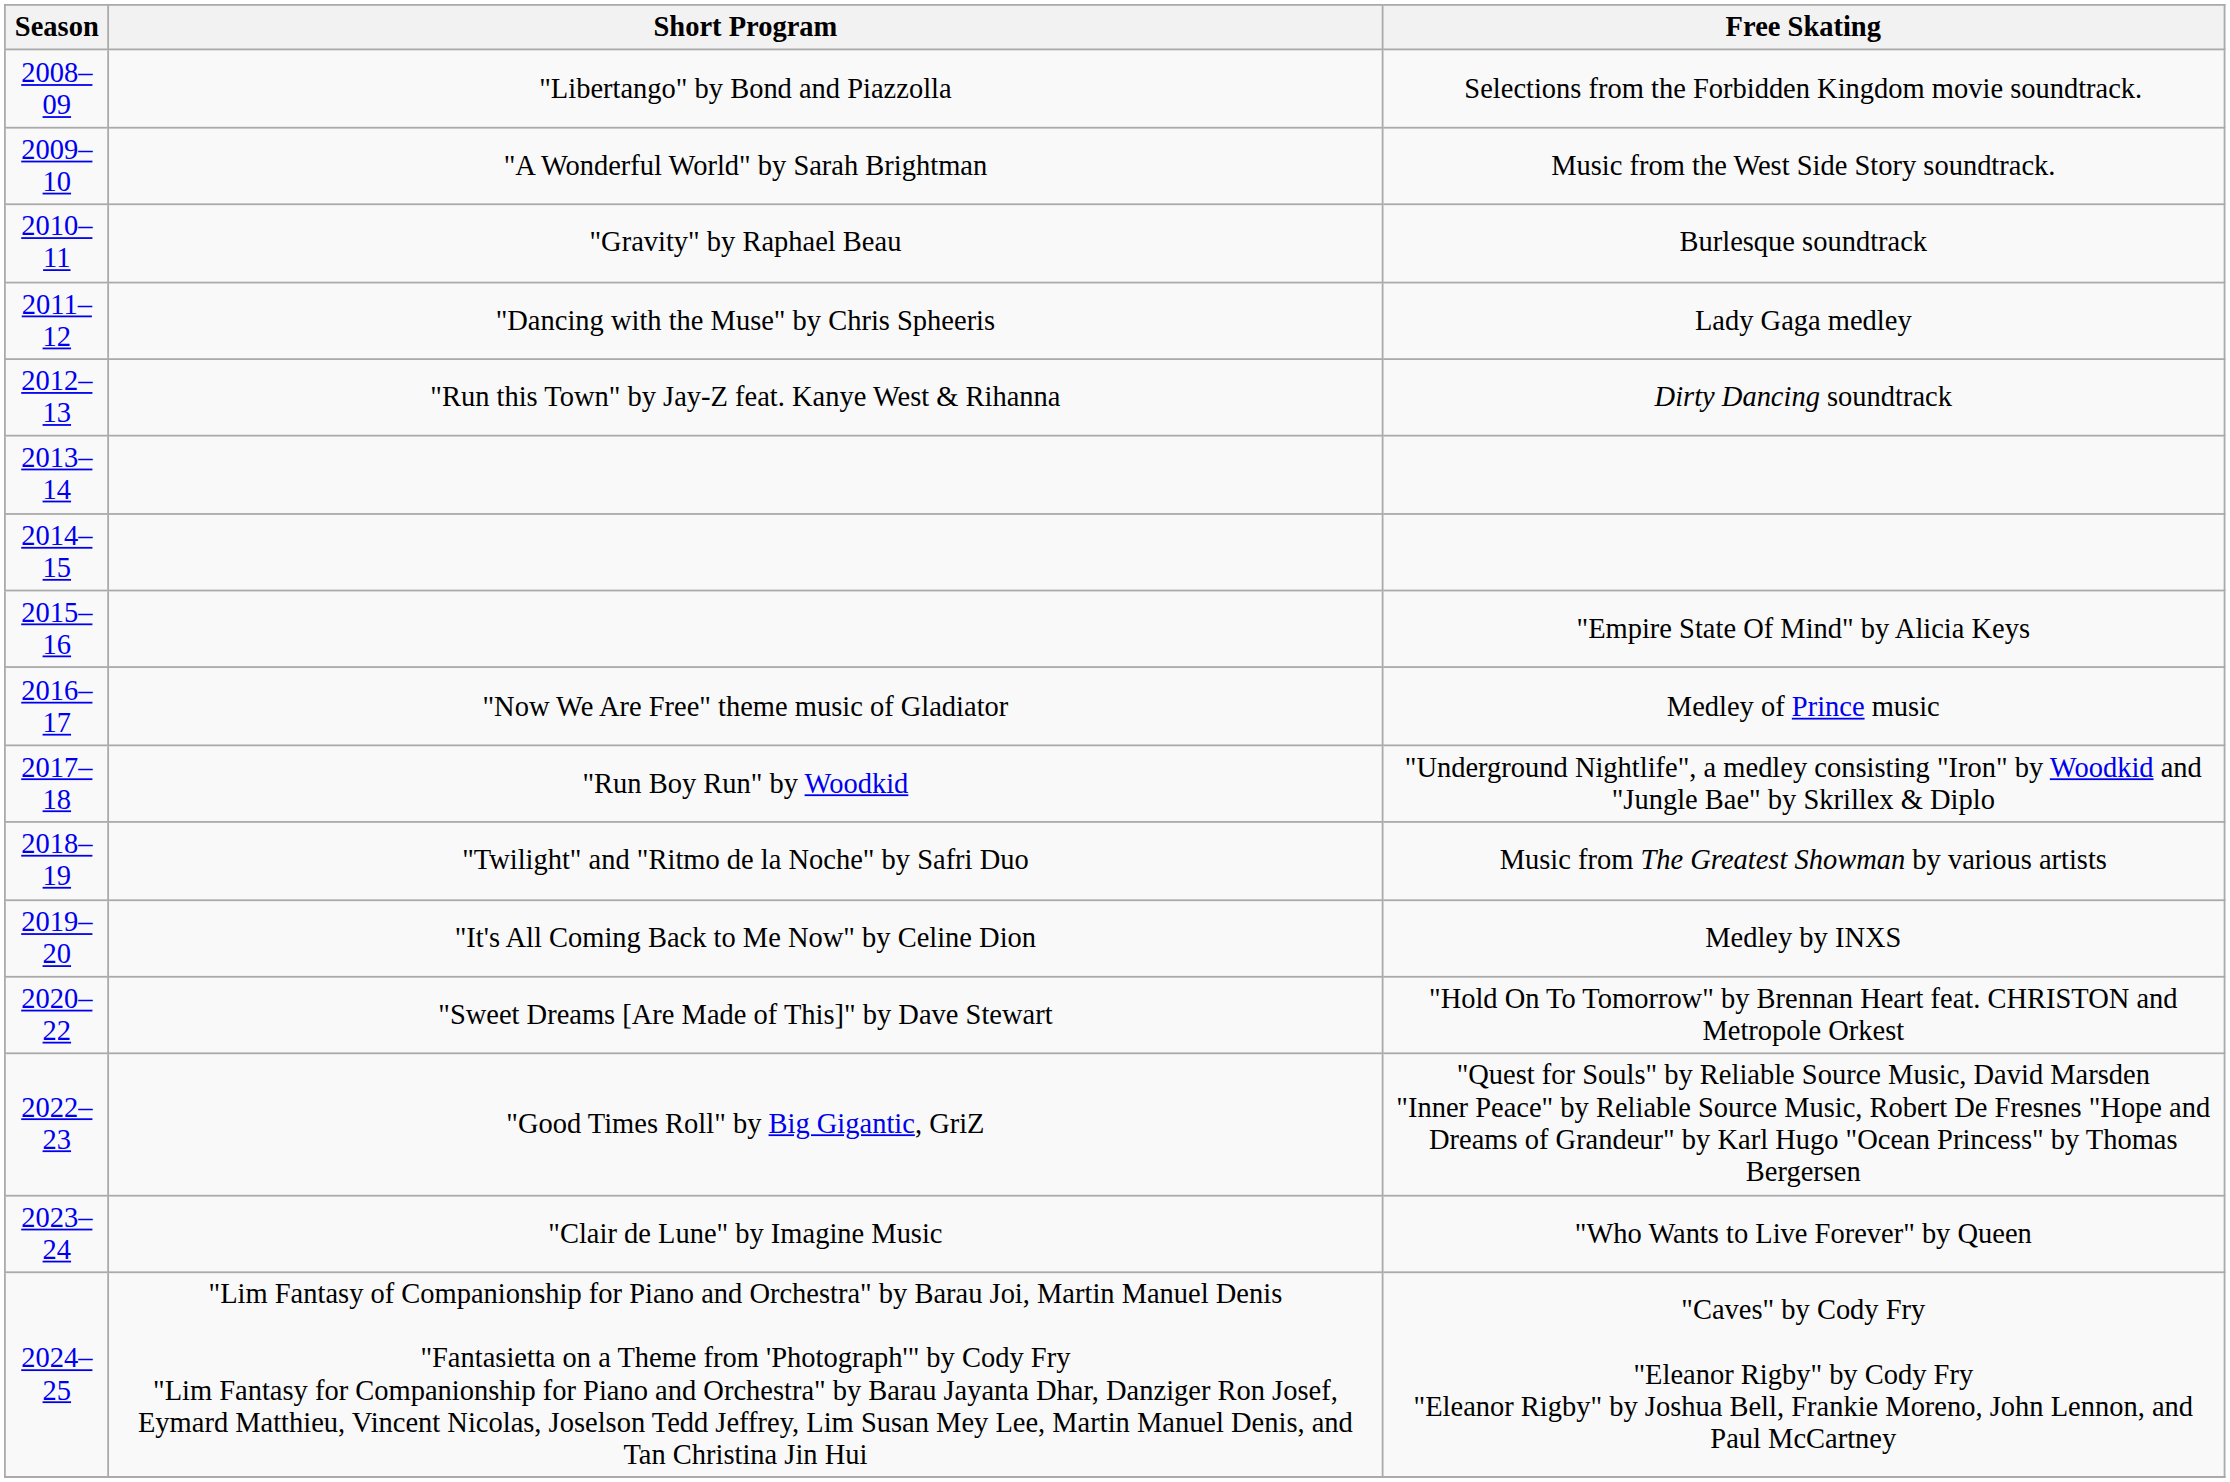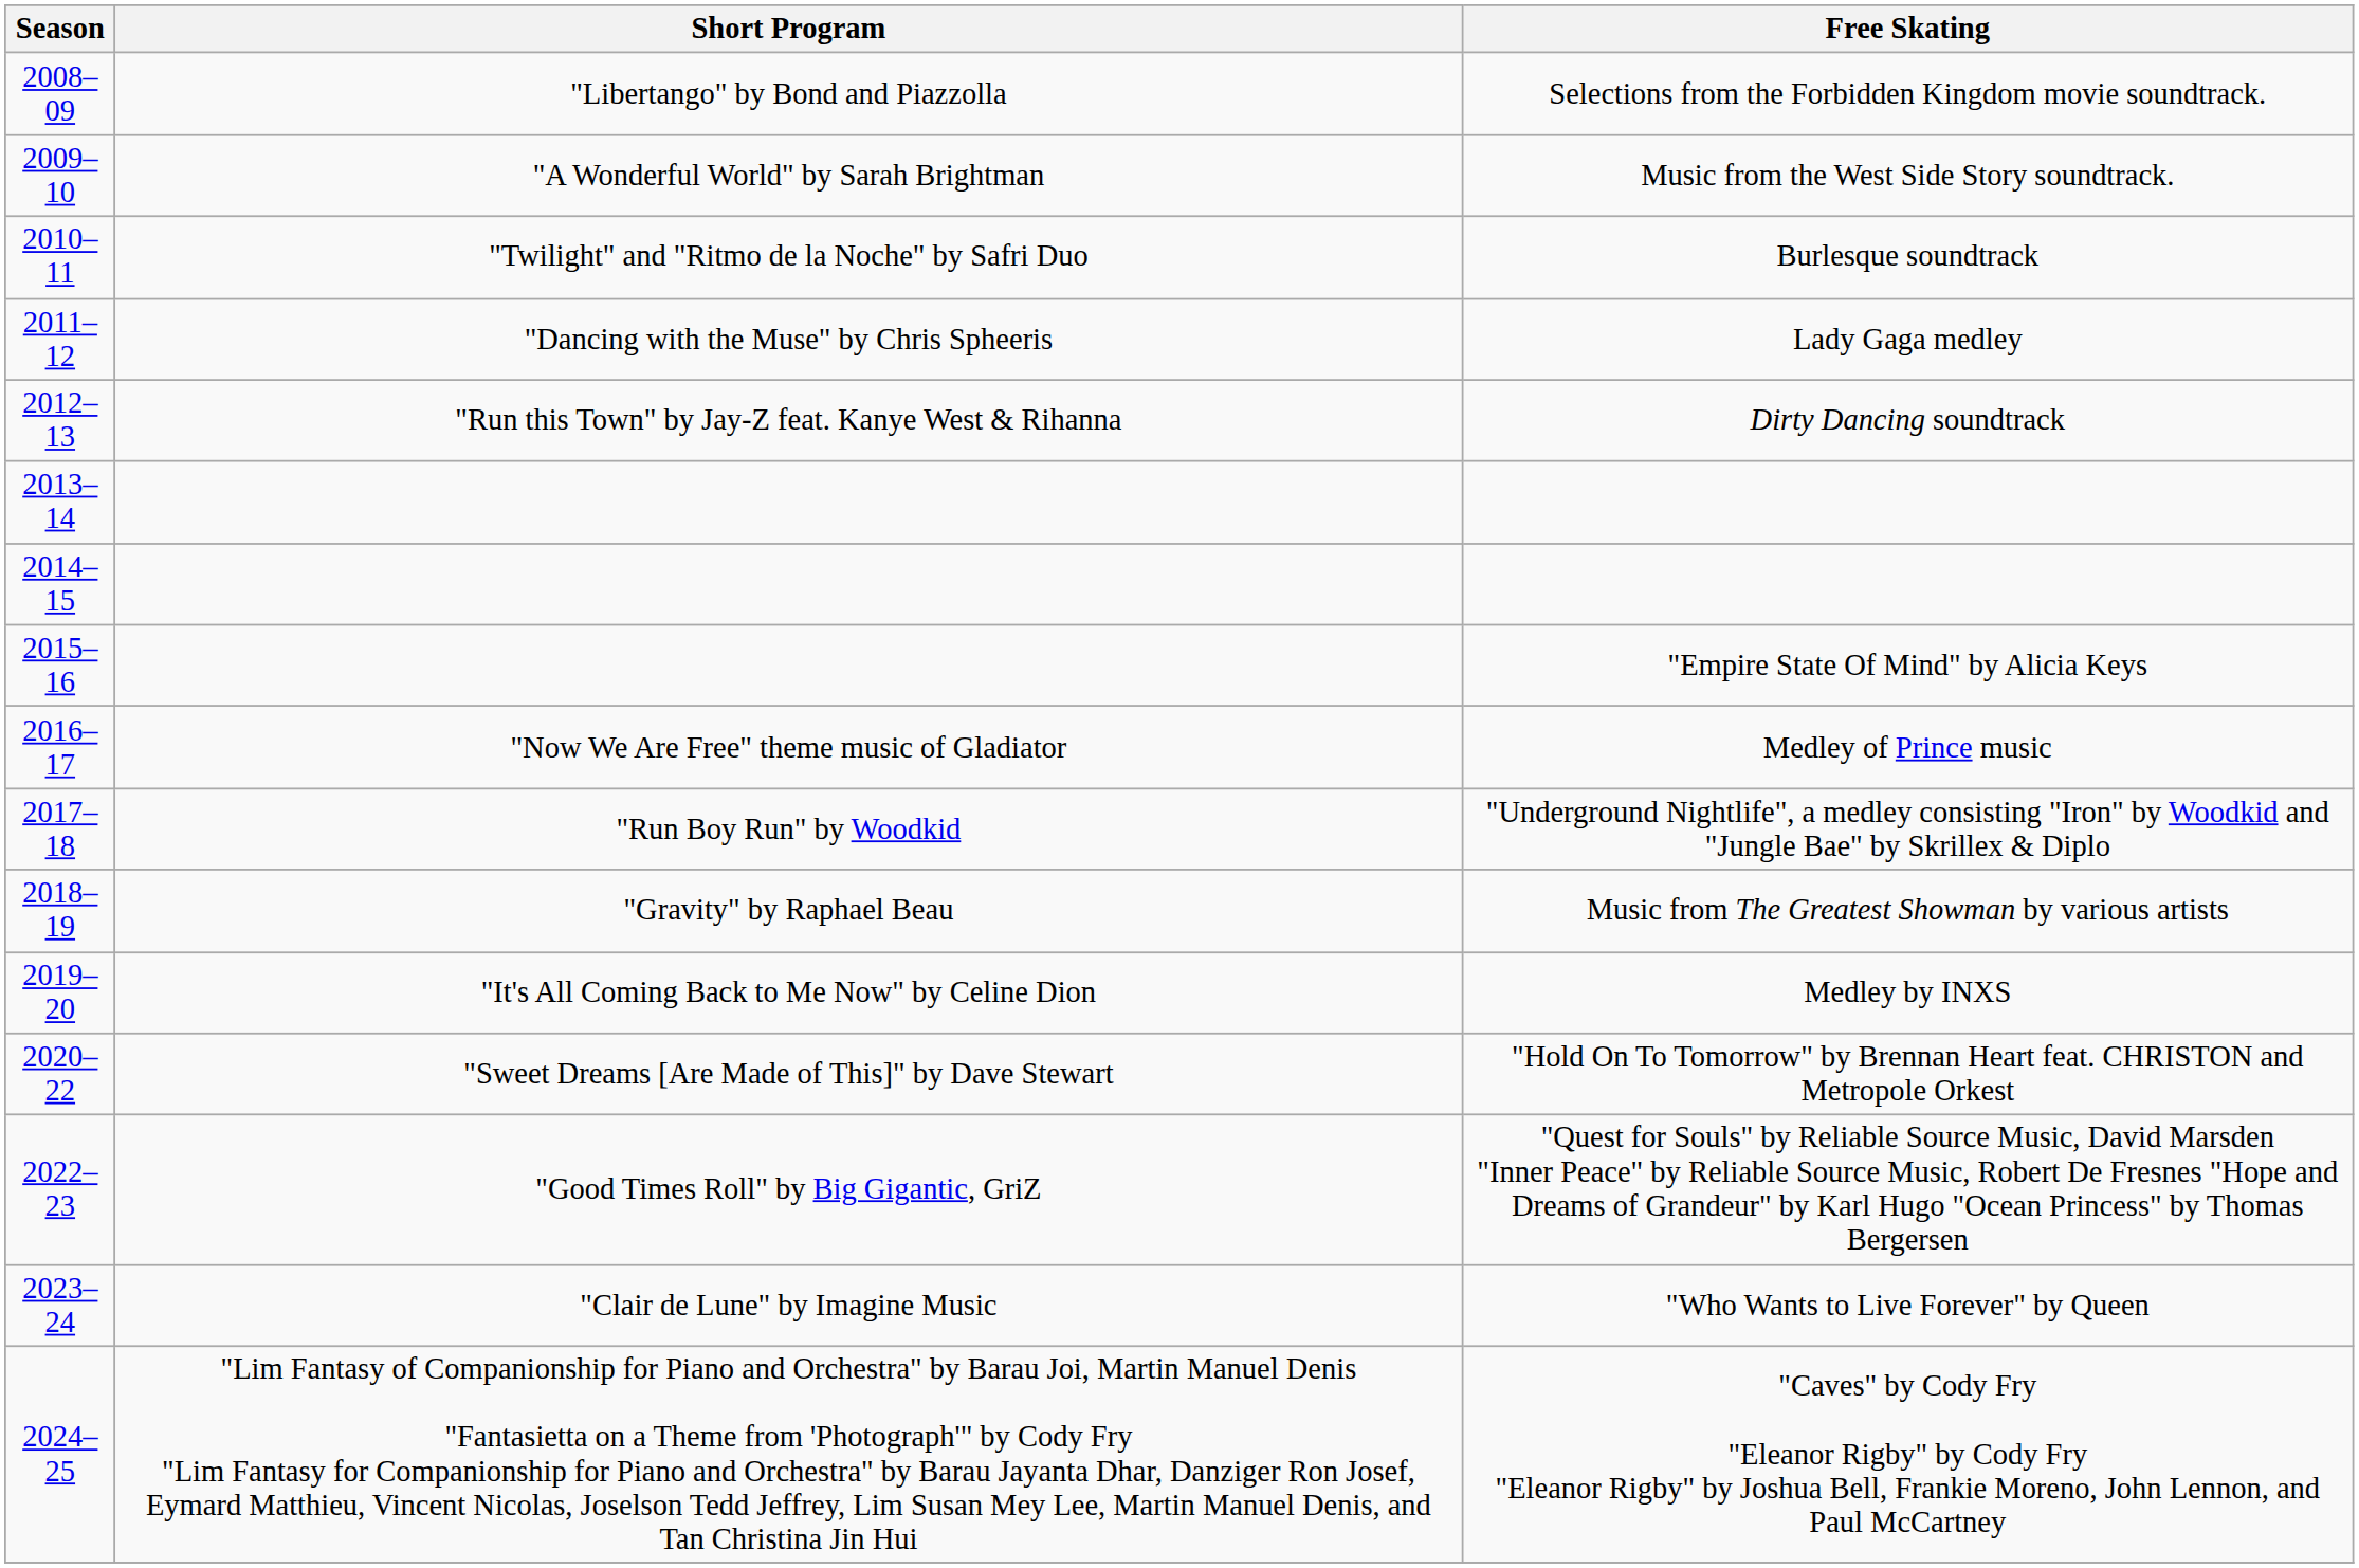 <table class="wikitable" style="text-align:center">
 <tr>
 <th>Season</th>
 <th>Short Program</th>
 <th>Free Skating</th>
 </tr>
 <tr>
 <td><a href='#'>2008–09</a></td>
 <td>"Libertango" by Bond and Piazzolla</td>
 <td>Selections from the Forbidden Kingdom movie soundtrack.</td>
 </tr>
 <tr>
 <td><a href='#'>2009–10</a></td>
 <td>"A Wonderful World" by Sarah Brightman</td>
 <td>Music from the West Side Story soundtrack.</td>
 </tr>
 <tr>
 <td><a href='#'>2010–11</a></td>
-<td>"Gravity" by Raphael Beau</td>
+<td>"Twilight" and "Ritmo de la Noche" by Safri Duo</td>
 <td>Burlesque soundtrack</td>
 </tr>
 <tr>
 <td><a href='#'>2011–12</a></td>
 <td>"Dancing with the Muse" by Chris Spheeris</td>
 <td>Lady Gaga medley</td>
 </tr>
 <tr>
 <td><a href='#'>2012–13</a></td>
 <td>"Run this Town" by Jay-Z feat. Kanye West & Rihanna</td>
 <td><em>Dirty Dancing</em> soundtrack</td>
 </tr>
 <tr>
 <td><a href='#'>2013–14</a></td>
 <td></td>
 <td></td>
 </tr>
 <tr>
 <td><a href='#'>2014–15</a></td>
 <td></td>
 <td></td>
 </tr>
 <tr>
 <td><a href='#'>2015–16</a></td>
 <td></td>
 <td>"Empire State Of Mind" by Alicia Keys</td>
 </tr>
 <tr>
 <td><a href='#'>2016–17</a></td>
 <td>"Now We Are Free" theme music of Gladiator</td>
 <td>Medley of <a href='#'>Prince</a> music</td>
 </tr>
 <tr>
 <td><a href='#'>2017–18</a></td>
 <td>"Run Boy Run" by <a href='#'>Woodkid</a></td>
 <td>"Underground Nightlife", a medley consisting "Iron" by <a href='#'>Woodkid</a> and "Jungle Bae" by Skrillex & Diplo</td>
 </tr>
 <tr>
 <td><a href='#'>2018–19</a></td>
-<td>"Twilight" and "Ritmo de la Noche" by Safri Duo</td>
+<td>"Gravity" by Raphael Beau</td>
 <td>Music from <em>The Greatest Showman</em> by various artists</td>
 </tr>
 <tr>
 <td><a href='#'>2019–20</a></td>
 <td>"It's All Coming Back to Me Now" by Celine Dion</td>
 <td>Medley by INXS</td>
 </tr>
 <tr>
 <td><a href='#'>2020–22</a></td>
 <td>"Sweet Dreams [Are Made of This]"  by Dave Stewart</td>
 <td>"Hold On To Tomorrow" by Brennan Heart feat. CHRISTON and Metropole Orkest</td>
 </tr>
 <tr>
 <td><a href='#'>2022–23</a></td>
 <td>"Good Times Roll" by <a href='#'>Big Gigantic</a>, GriZ</td>
 <td>"Quest for Souls" by Reliable Source Music, David Marsden<br>"Inner Peace" by Reliable Source Music, Robert De Fresnes "Hope and Dreams of Grandeur" by Karl Hugo "Ocean Princess" by Thomas Bergersen</td>
 </tr>
 <tr>
 <td><a href='#'>2023–24</a></td>
 <td>"Clair de Lune" by Imagine Music</td>
 <td>"Who Wants to Live Forever" by Queen</td>
 </tr>
 <tr>
 <td><a href='#'>2024–25</a></td>
 <td>"Lim Fantasy of Companionship for Piano and Orchestra" by Barau Joi, Martin Manuel Denis <br><br>"Fantasietta on a Theme from 'Photograph'" by Cody Fry <br> "Lim Fantasy for Companionship for Piano and Orchestra" by Barau Jayanta Dhar, Danziger Ron Josef, Eymard Matthieu, Vincent Nicolas, Joselson Tedd Jeffrey, Lim Susan Mey Lee, Martin Manuel Denis, and Tan Christina Jin Hui</td>
 <td>"Caves" by Cody Fry <br><br>"Eleanor Rigby" by Cody Fry <br> "Eleanor Rigby" by Joshua Bell, Frankie Moreno, John Lennon, and Paul McCartney</td>
 </tr>
 <tr>
 </tr>
 </table>
